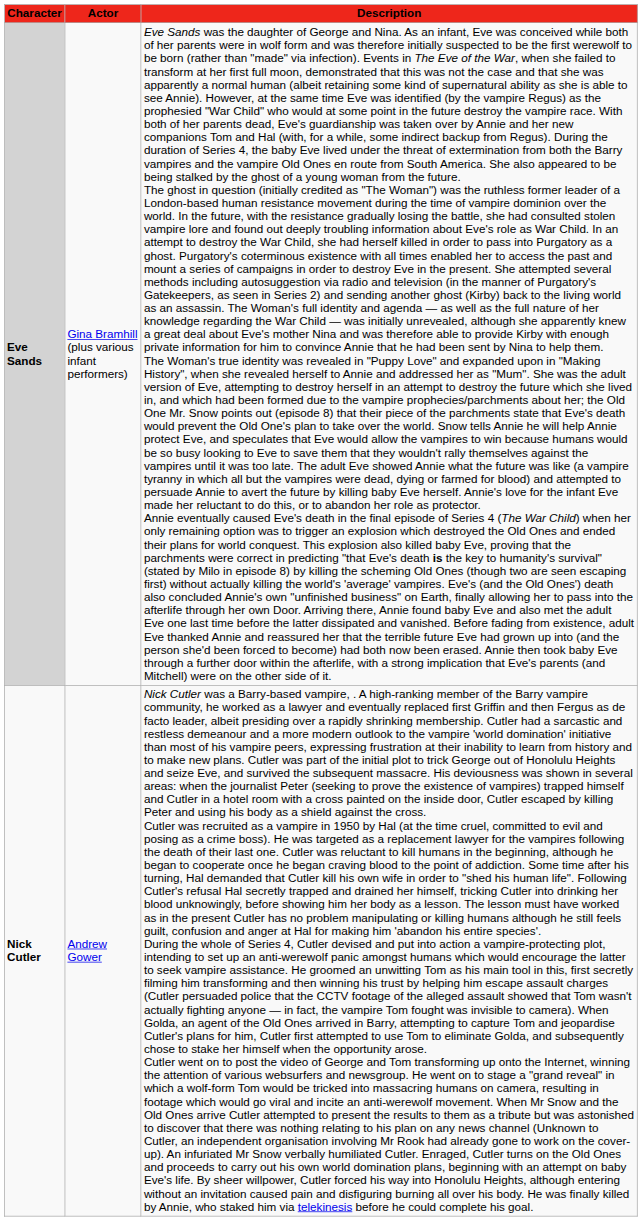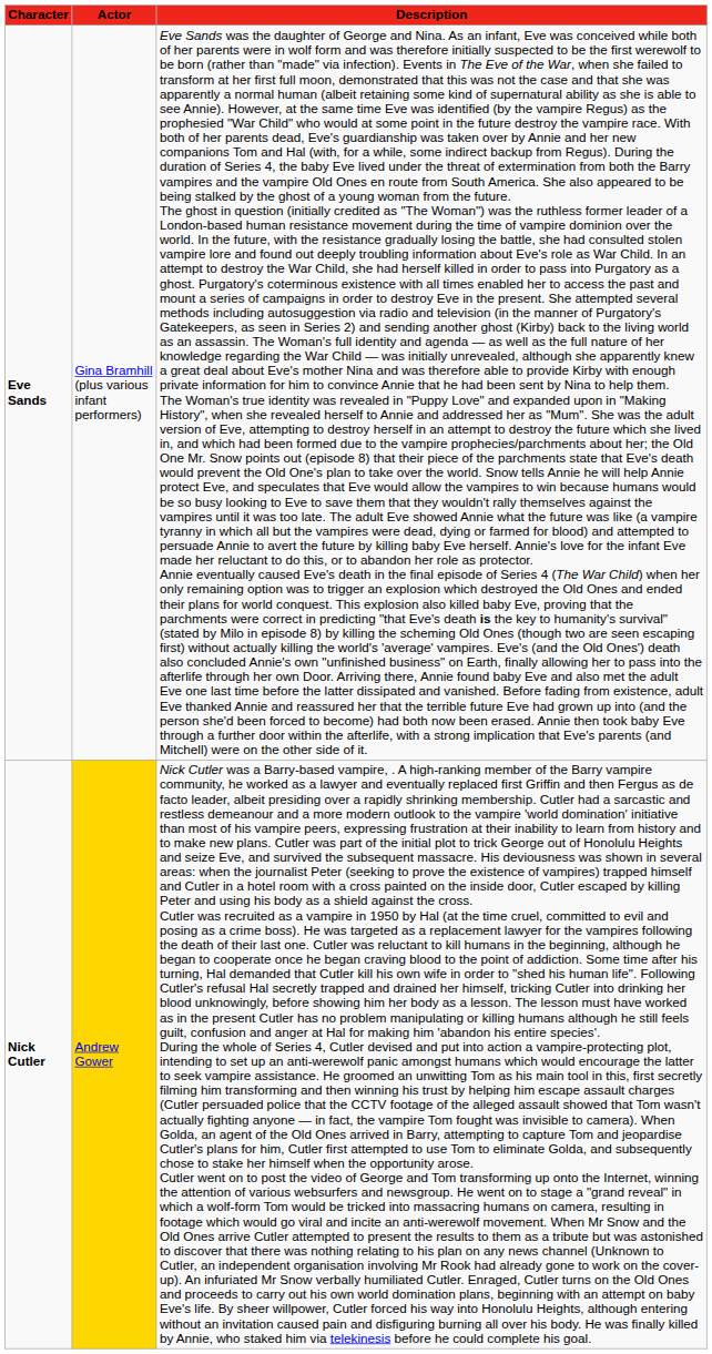 <table class="wikitable sortable">
 <tr>
 <th style="background:#ee261b;">Character</th>
 <th style="background:#ee261b;">Actor</th>
 <th style="background:#ee261b;">Description</th>
 </tr>
 <tr>
-<td style="background: lightgrey;"> <strong>Eve Sands</strong></td>
+<td> <strong>Eve Sands</strong></td>
 <td><a href='#'>Gina Bramhill</a> (plus various infant performers)</td>
 <td><em>Eve Sands</em> was the daughter of George and Nina. As an infant, Eve was conceived while both of her parents were in wolf form and was therefore initially suspected to be the first werewolf to be born (rather than "made" via infection). Events in <em>The Eve of the War</em>, when she failed to transform at her first full moon, demonstrated that this was not the case and that she was apparently a normal human (albeit retaining some kind of supernatural ability as she is able to see Annie). However, at the same time Eve was identified (by the vampire Regus) as the prophesied "War Child" who would at some point in the future destroy the vampire race. With both of her parents dead, Eve's guardianship was taken over by Annie and her new companions Tom and Hal (with, for a while, some indirect backup from Regus). During the duration of Series 4, the baby Eve lived under the threat of extermination from both the Barry vampires and the vampire Old Ones en route from South America. She also appeared to be being stalked by the ghost of a young woman from the future.<br>The ghost in question (initially credited as "The Woman") was the ruthless former leader of a London-based human resistance movement during the time of vampire dominion over the world. In the future, with the resistance gradually losing the battle, she had consulted stolen vampire lore and found out deeply troubling information about Eve's role as War Child. In an attempt to destroy the War Child, she had herself killed in order to pass into Purgatory as a ghost. Purgatory's coterminous existence with all times enabled her to access the past and mount a series of campaigns in order to destroy Eve in the present. She attempted several methods including autosuggestion via radio and television (in the manner of Purgatory's Gatekeepers, as seen in Series 2) and sending another ghost (Kirby) back to the living world as an assassin. The Woman's full identity and agenda — as well as the full nature of her knowledge regarding the War Child — was initially unrevealed, although she apparently knew a great deal about Eve's mother Nina and was therefore able to provide Kirby with enough private information for him to convince Annie that he had been sent by Nina to help them.<br>The Woman's true identity was revealed in "Puppy Love" and expanded upon in "Making History", when she revealed herself to Annie and addressed her as "Mum". She was the adult version of Eve, attempting to destroy herself in an attempt to destroy the future which she lived in, and which had been formed due to the vampire prophecies/parchments about her; the Old One Mr. Snow points out (episode 8) that their piece of the parchments state that Eve's death would prevent the Old One's plan to take over the world.  Snow tells Annie he will help Annie protect Eve, and speculates that Eve would allow the vampires to win because humans would be so busy looking to Eve to save them that they wouldn't rally themselves against the vampires until it was too late. The adult Eve showed Annie what the future was like (a vampire tyranny in which all but the vampires were dead, dying or farmed for blood) and attempted to persuade Annie to avert the future by killing baby Eve herself. Annie's love for the infant Eve made her reluctant to do this, or to abandon her role as protector.<br>Annie eventually caused Eve's death in the final episode of Series 4 (<em>The War Child</em>) when her only remaining option was to trigger an explosion which destroyed the Old Ones and ended their plans for world conquest. This explosion also killed baby Eve, proving that the parchments were correct in predicting "that Eve's death <strong>is</strong> the key to humanity's survival" (stated by Milo in episode 8) by killing the scheming Old Ones (though two are seen escaping first) without actually killing the world's 'average' vampires.  Eve's (and the Old Ones') death also concluded Annie's own "unfinished business" on Earth, finally allowing her to pass into the afterlife through her own Door. Arriving there, Annie found baby Eve and also met the adult Eve one last time before the latter dissipated and vanished. Before fading from existence, adult Eve thanked Annie and reassured her that the terrible future Eve had grown up into (and the person she'd been forced to become) had both now been erased. Annie then took baby Eve through a further door within the afterlife, with a strong implication that Eve's parents (and Mitchell) were on the other side of it.</td>
 </tr>
 <tr>
 <td> <strong>Nick Cutler</strong></td>
-<td><a href='#'>Andrew Gower</a></td>
+<td style="background: gold;"><a href='#'>Andrew Gower</a></td>
 <td><em>Nick Cutler</em> was a Barry-based vampire, . A high-ranking member of the Barry vampire community, he worked as a lawyer and eventually replaced first Griffin and then Fergus as de facto leader, albeit presiding over a rapidly shrinking membership. Cutler had a sarcastic and restless demeanour and a more modern outlook to the vampire 'world domination' initiative than most of his vampire peers, expressing frustration at their inability to learn from history and to make new plans. Cutler was part of the initial plot to trick George out of Honolulu Heights and seize Eve, and survived the subsequent massacre. His deviousness was shown in several areas: when the journalist Peter (seeking to prove the existence of vampires) trapped himself and Cutler in a hotel room with a cross painted on the inside door, Cutler escaped by killing Peter and using his body as a shield against the cross.<br>Cutler was recruited as a vampire in 1950 by Hal (at the time cruel, committed to evil and posing as a crime boss). He was targeted as a replacement lawyer for the vampires following the death of their last one. Cutler was reluctant to kill humans in the beginning, although he began to cooperate once he began craving blood to the point of addiction. Some time after his turning, Hal demanded that Cutler kill his own wife in order to "shed his human life". Following Cutler's refusal Hal secretly trapped and drained her himself, tricking Cutler into drinking her blood unknowingly, before showing him her body as a lesson. The lesson must have worked as in the present Cutler has no problem manipulating or killing humans although he still feels guilt, confusion and anger at Hal for making him 'abandon his entire species'.<br>During the whole of Series 4, Cutler devised and put into action a vampire-protecting plot, intending to set up an anti-werewolf panic amongst humans which would encourage the latter to seek vampire assistance. He groomed an unwitting Tom as his main tool in this, first secretly filming him transforming and then winning his trust by helping him escape assault charges (Cutler persuaded police that the CCTV footage of the alleged assault showed that Tom wasn't actually fighting anyone — in fact, the vampire Tom fought was invisible to camera). When Golda, an agent of the Old Ones arrived in Barry, attempting to capture Tom and jeopardise Cutler's plans for him, Cutler first attempted to use Tom to eliminate Golda, and subsequently chose to stake her himself when the opportunity arose.<br>Cutler went on to post the video of George and Tom transforming up onto the Internet, winning the attention of various websurfers and newsgroup. He went on to stage a "grand reveal" in which a wolf-form Tom would be tricked into massacring humans on camera, resulting in footage which would go viral and incite an anti-werewolf movement. When Mr Snow and the Old Ones arrive Cutler attempted to present the results to them as a tribute but was astonished to discover that there was nothing relating to his plan on any news channel (Unknown to Cutler, an independent organisation involving Mr Rook had already gone to work on the cover-up). An infuriated Mr Snow verbally humiliated Cutler. Enraged, Cutler turns on the Old Ones and proceeds to carry out his own world domination plans, beginning with an attempt on baby Eve's life. By sheer willpower, Cutler forced his way into Honolulu Heights, although entering without an invitation caused pain and disfiguring burning all over his body. He was finally killed by Annie, who staked him via <a href='#'>telekinesis</a> before he could complete his goal.</td>
 </tr>
 </table>
